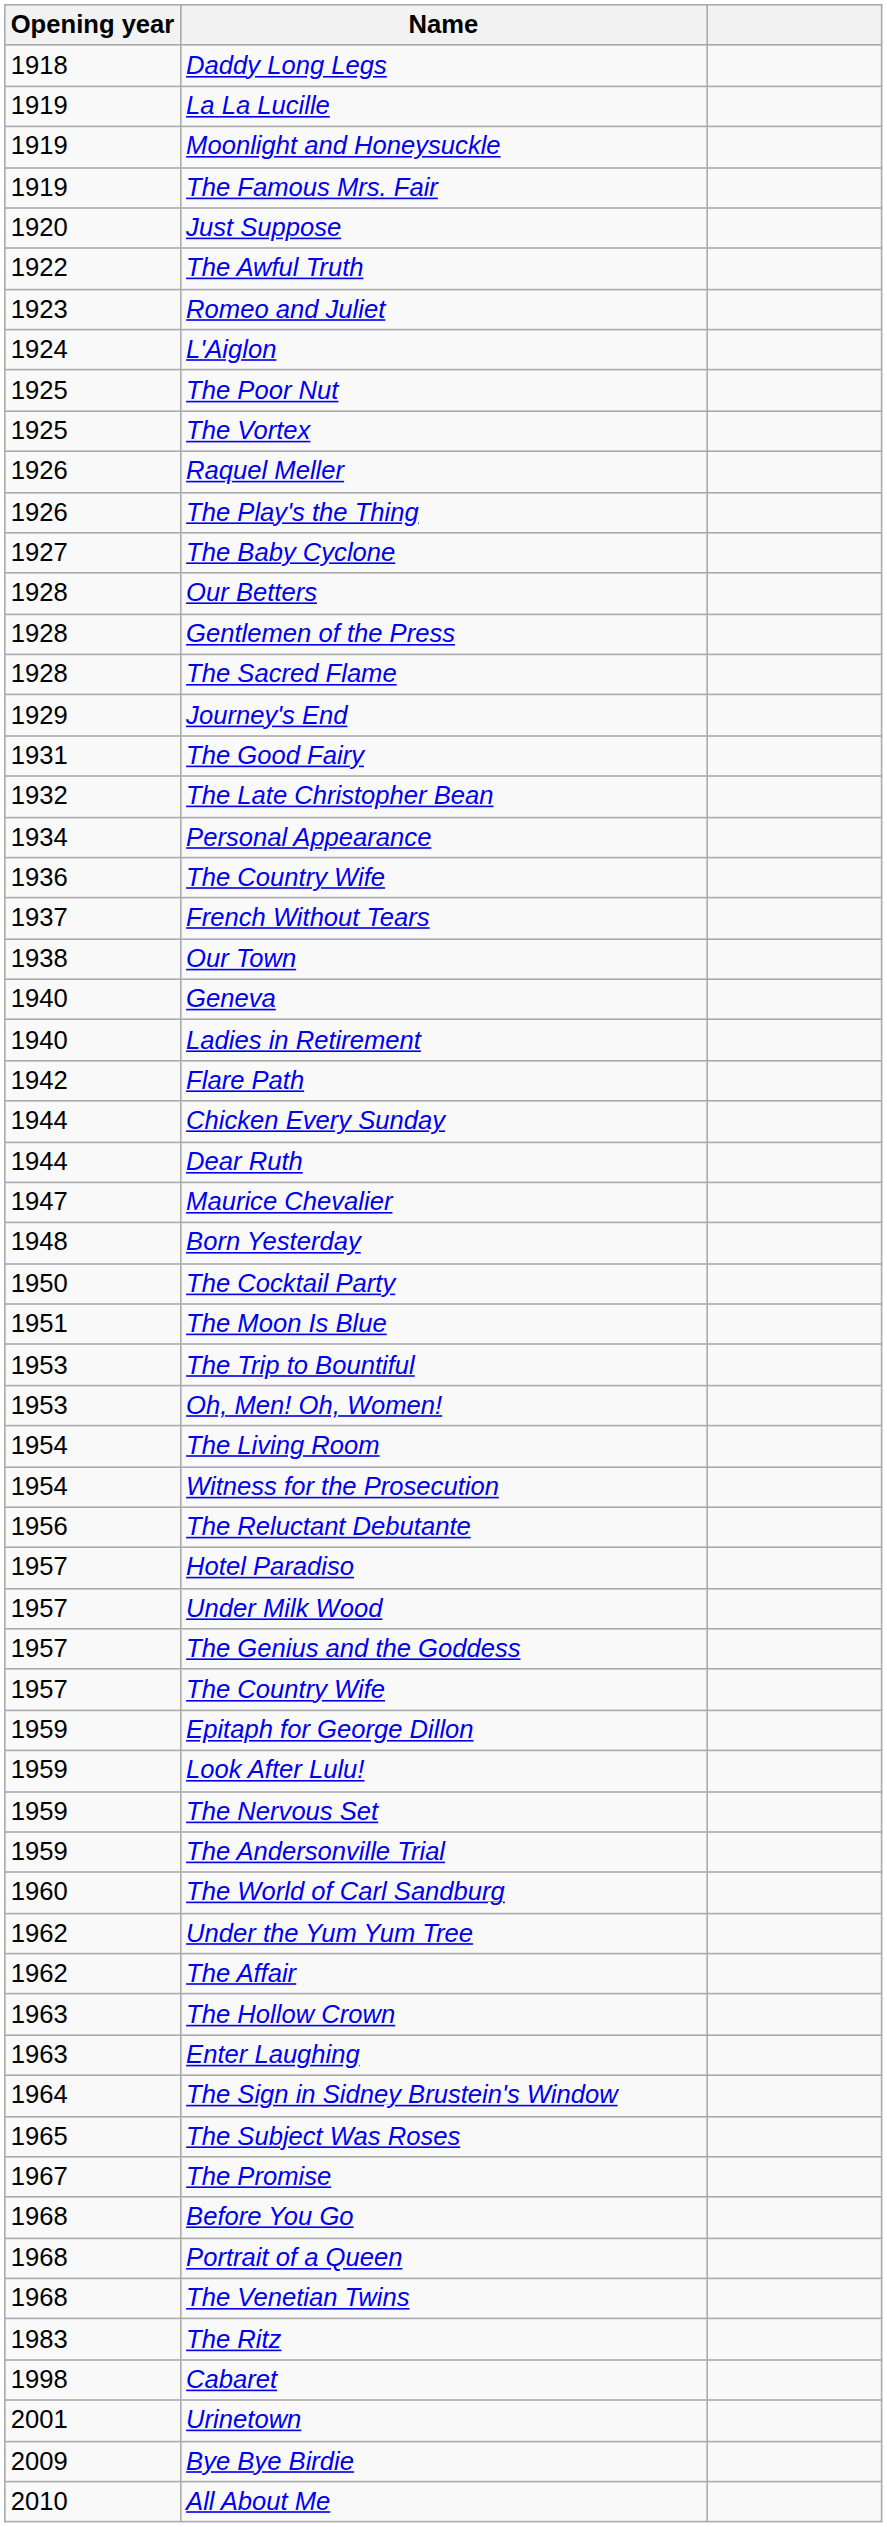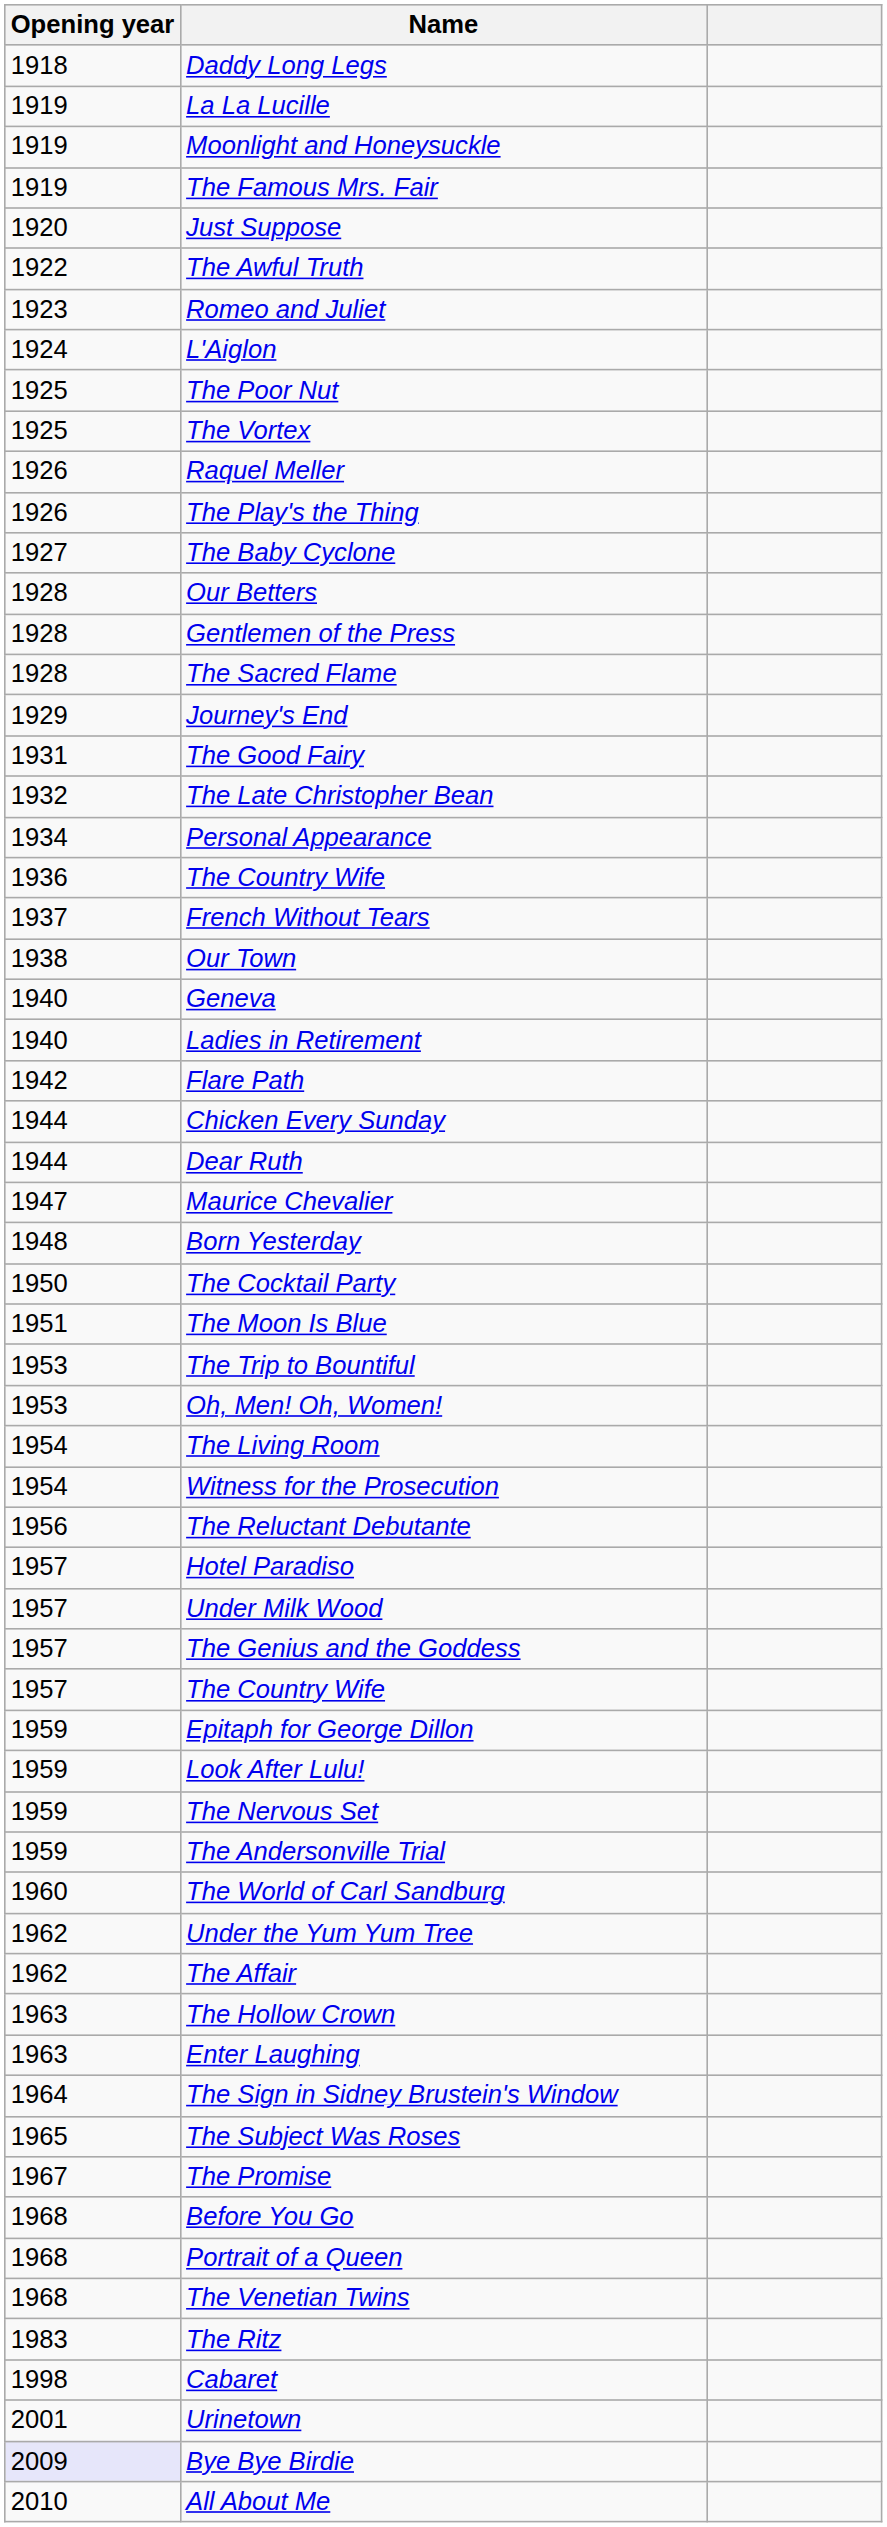 <table class="wikitable sortable collapsible">
 <tr>
 <th width=20% scope="col">Opening year</th>
 <th width=60% scope="col">Name</th>
 <th width=20% scope="col" class="unsortable"></th>
 </tr>
 <tr>
 <td>1918</td>
 <td><em><a href='#'>Daddy Long Legs</a></em></td>
 <td></td>
 </tr>
 <tr>
 <td>1919</td>
 <td><em><a href='#'>La La Lucille</a></em></td>
 <td></td>
 </tr>
 <tr>
 <td>1919</td>
 <td><em><a href='#'>Moonlight and Honeysuckle</a></em></td>
 <td></td>
 </tr>
 <tr>
 <td>1919</td>
 <td><em><a href='#'>The Famous Mrs. Fair</a></em></td>
 <td></td>
 </tr>
 <tr>
 <td>1920</td>
 <td><em><a href='#'>Just Suppose</a></em></td>
 <td></td>
 </tr>
 <tr>
 <td>1922</td>
 <td><em><a href='#'>The Awful Truth</a></em></td>
 <td></td>
 </tr>
 <tr>
 <td>1923</td>
 <td><em><a href='#'>Romeo and Juliet</a></em></td>
 <td></td>
 </tr>
 <tr>
 <td>1924</td>
 <td><em><a href='#'>L'Aiglon</a></em></td>
 <td></td>
 </tr>
 <tr>
 <td>1925</td>
 <td><em><a href='#'>The Poor Nut</a></em></td>
 <td></td>
 </tr>
 <tr>
 <td>1925</td>
 <td><em><a href='#'>The Vortex</a></em></td>
 <td></td>
 </tr>
 <tr>
 <td>1926</td>
 <td><em><a href='#'>Raquel Meller</a></em></td>
 <td></td>
 </tr>
 <tr>
 <td>1926</td>
 <td><em><a href='#'>The Play's the Thing</a></em></td>
 <td></td>
 </tr>
 <tr>
 <td>1927</td>
 <td><em><a href='#'>The Baby Cyclone</a></em></td>
 <td></td>
 </tr>
 <tr>
 <td>1928</td>
 <td><em><a href='#'>Our Betters</a></em></td>
 <td></td>
 </tr>
 <tr>
 <td>1928</td>
 <td><em><a href='#'>Gentlemen of the Press</a></em></td>
 <td></td>
 </tr>
 <tr>
 <td>1928</td>
 <td><em><a href='#'>The Sacred Flame</a></em></td>
 <td></td>
 </tr>
 <tr>
 <td>1929</td>
 <td><em><a href='#'>Journey's End</a></em></td>
 <td></td>
 </tr>
 <tr>
 <td>1931</td>
 <td><em><a href='#'>The Good Fairy</a></em></td>
 <td></td>
 </tr>
 <tr>
 <td>1932</td>
 <td><em><a href='#'>The Late Christopher Bean</a></em></td>
 <td></td>
 </tr>
 <tr>
 <td>1934</td>
 <td><em><a href='#'>Personal Appearance</a></em></td>
 <td></td>
 </tr>
 <tr>
 <td>1936</td>
 <td><em><a href='#'>The Country Wife</a></em></td>
 <td></td>
 </tr>
 <tr>
 <td>1937</td>
 <td><em><a href='#'>French Without Tears</a></em></td>
 <td></td>
 </tr>
 <tr>
 <td>1938</td>
 <td><em><a href='#'>Our Town</a></em></td>
 <td></td>
 </tr>
 <tr>
 <td>1940</td>
 <td><em><a href='#'>Geneva</a></em></td>
 <td></td>
 </tr>
 <tr>
 <td>1940</td>
 <td><em><a href='#'>Ladies in Retirement</a></em></td>
 <td></td>
 </tr>
 <tr>
 <td>1942</td>
 <td><em><a href='#'>Flare Path</a></em></td>
 <td></td>
 </tr>
 <tr>
 <td>1944</td>
 <td><em><a href='#'>Chicken Every Sunday</a></em></td>
 <td></td>
 </tr>
 <tr>
 <td>1944</td>
 <td><em><a href='#'>Dear Ruth</a></em></td>
 <td></td>
 </tr>
 <tr>
 <td>1947</td>
 <td><em><a href='#'>Maurice Chevalier</a></em></td>
 <td></td>
 </tr>
 <tr>
 <td>1948</td>
 <td><em><a href='#'>Born Yesterday</a></em></td>
 <td></td>
 </tr>
 <tr>
 <td>1950</td>
 <td><em><a href='#'>The Cocktail Party</a></em></td>
 <td></td>
 </tr>
 <tr>
 <td>1951</td>
 <td><em><a href='#'>The Moon Is Blue</a></em></td>
 <td></td>
 </tr>
 <tr>
 <td>1953</td>
 <td><em><a href='#'>The Trip to Bountiful</a></em></td>
 <td></td>
 </tr>
 <tr>
 <td>1953</td>
 <td><em><a href='#'>Oh, Men! Oh, Women!</a></em></td>
 <td></td>
 </tr>
 <tr>
 <td>1954</td>
 <td><em><a href='#'>The Living Room</a></em></td>
 <td></td>
 </tr>
 <tr>
 <td>1954</td>
 <td><em><a href='#'>Witness for the Prosecution</a></em></td>
 <td></td>
 </tr>
 <tr>
 <td>1956</td>
 <td><em><a href='#'>The Reluctant Debutante</a></em></td>
 <td></td>
 </tr>
 <tr>
 <td>1957</td>
 <td><em><a href='#'>Hotel Paradiso</a></em></td>
 <td></td>
 </tr>
 <tr>
 <td>1957</td>
 <td><em><a href='#'>Under Milk Wood</a></em></td>
 <td></td>
 </tr>
 <tr>
 <td>1957</td>
 <td><em><a href='#'>The Genius and the Goddess</a></em></td>
 <td></td>
 </tr>
 <tr>
 <td>1957</td>
 <td><em><a href='#'>The Country Wife</a></em></td>
 <td></td>
 </tr>
 <tr>
 <td>1959</td>
 <td><em><a href='#'>Epitaph for George Dillon</a></em></td>
 <td></td>
 </tr>
 <tr>
 <td>1959</td>
 <td><em><a href='#'>Look After Lulu!</a></em></td>
 <td></td>
 </tr>
 <tr>
 <td>1959</td>
 <td><em><a href='#'>The Nervous Set</a></em></td>
 <td></td>
 </tr>
 <tr>
 <td>1959</td>
 <td><em><a href='#'>The Andersonville Trial</a></em></td>
 <td></td>
 </tr>
 <tr>
 <td>1960</td>
 <td><em><a href='#'>The World of Carl Sandburg</a></em></td>
 <td></td>
 </tr>
 <tr>
 <td>1962</td>
 <td><em><a href='#'>Under the Yum Yum Tree</a></em></td>
 <td></td>
 </tr>
 <tr>
 <td>1962</td>
 <td><em><a href='#'>The Affair</a></em></td>
 <td></td>
 </tr>
 <tr>
 <td>1963</td>
 <td><em><a href='#'>The Hollow Crown</a></em></td>
 <td></td>
 </tr>
 <tr>
 <td>1963</td>
 <td><em><a href='#'>Enter Laughing</a></em></td>
 <td></td>
 </tr>
 <tr>
 <td>1964</td>
 <td><em><a href='#'>The Sign in Sidney Brustein's Window</a></em></td>
 <td></td>
 </tr>
 <tr>
 <td>1965</td>
 <td><em><a href='#'>The Subject Was Roses</a></em></td>
 <td></td>
 </tr>
 <tr>
 <td>1967</td>
 <td><em><a href='#'>The Promise</a></em></td>
 <td></td>
 </tr>
 <tr>
 <td>1968</td>
 <td><em><a href='#'>Before You Go</a></em></td>
 <td></td>
 </tr>
 <tr>
 <td>1968</td>
 <td><em><a href='#'>Portrait of a Queen</a></em></td>
 <td></td>
 </tr>
 <tr>
 <td>1968</td>
 <td><em><a href='#'>The Venetian Twins</a></em></td>
 <td></td>
 </tr>
 <tr>
 <td>1983</td>
 <td><em><a href='#'>The Ritz</a></em></td>
 <td></td>
 </tr>
 <tr>
 <td>1998</td>
 <td><em><a href='#'>Cabaret</a></em></td>
 <td></td>
 </tr>
 <tr>
 <td>2001</td>
 <td><em><a href='#'>Urinetown</a></em></td>
 <td></td>
 </tr>
 <tr>
-<td>2009</td>
+<td style="background: lavender;">2009</td>
 <td><em><a href='#'>Bye Bye Birdie</a></em></td>
 <td></td>
 </tr>
 <tr>
 <td>2010</td>
 <td><em><a href='#'>All About Me</a></em></td>
 <td></td>
 </tr>
 </table>
